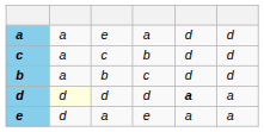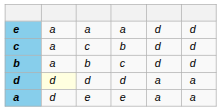 <table class="wikitable" border="1" width="20%" style="margin:1em auto;">
 <tr>
 <th>   </th>
 <th>   </th>
 <th>   </th>
 <th>   </th>
 <th>   </th>
 <th>   </th>
 </tr>
 <tr>
-<td style="background:#87CEEB">  <strong> <em>a</em> </strong></td>
+<td style="background:#87CEEB">  <strong> <em>e</em> </strong></td>
 <td>  <em>a</em></td>
-<td>  <em>e</em></td>
+<td>  <em>a</em></td>
 <td>  <em>a</em></td>
 <td>  <em>d</em></td>
 <td>  <em>d</em></td>
 </tr>
 <tr>
 <td style="background:#87CEEB">  <strong> <em>c</em> </strong></td>
 <td>  <em>a</em></td>
 <td>  <em>c</em></td>
 <td>  <em>b</em></td>
 <td>  <em>d</em></td>
 <td>  <em>d</em></td>
 </tr>
 <tr>
 <td style="background:#87CEEB">  <strong> <em>b</em> </strong></td>
 <td>  <em>a</em></td>
 <td>  <em>b</em></td>
 <td>  <em>c</em></td>
 <td>  <em>d</em></td>
 <td>  <em>d</em></td>
 </tr>
 <tr>
 <td style="background:#87CEEB">  <strong> <em>d</em> </strong></td>
 <td style="background: lightyellow;">  <em>d</em></td>
 <td>  <em>d</em></td>
 <td>  <em>d</em></td>
-<td><strong>  <em>a</em></strong></td>
+<td>  <em>a</em></td>
 <td>  <em>a</em></td>
 </tr>
 <tr>
-<td style="background:#87CEEB">  <strong> <em>e</em> </strong></td>
+<td style="background:#87CEEB">  <strong> <em>a</em> </strong></td>
 <td>  <em>d</em></td>
-<td>  <em>a</em></td>
+<td>  <em>e</em></td>
 <td>  <em>e</em></td>
 <td>  <em>a</em></td>
 <td>  <em>a</em></td>
 </tr>
 </table>
